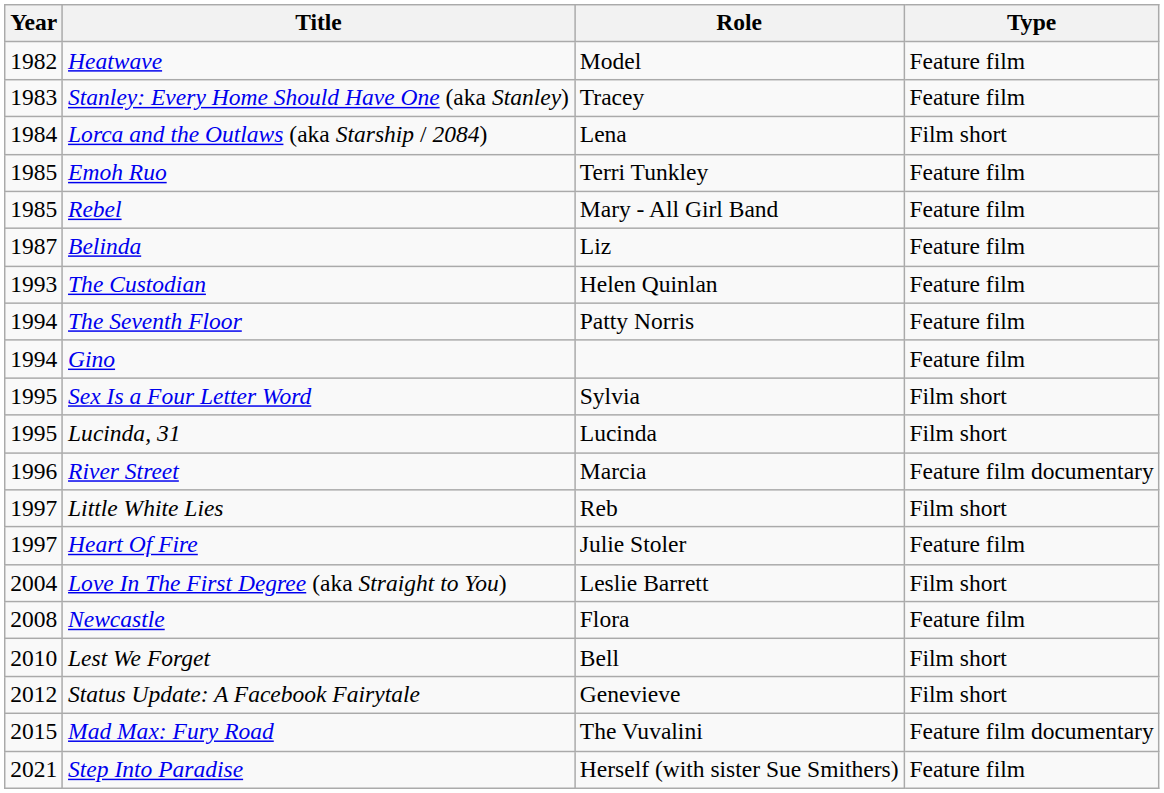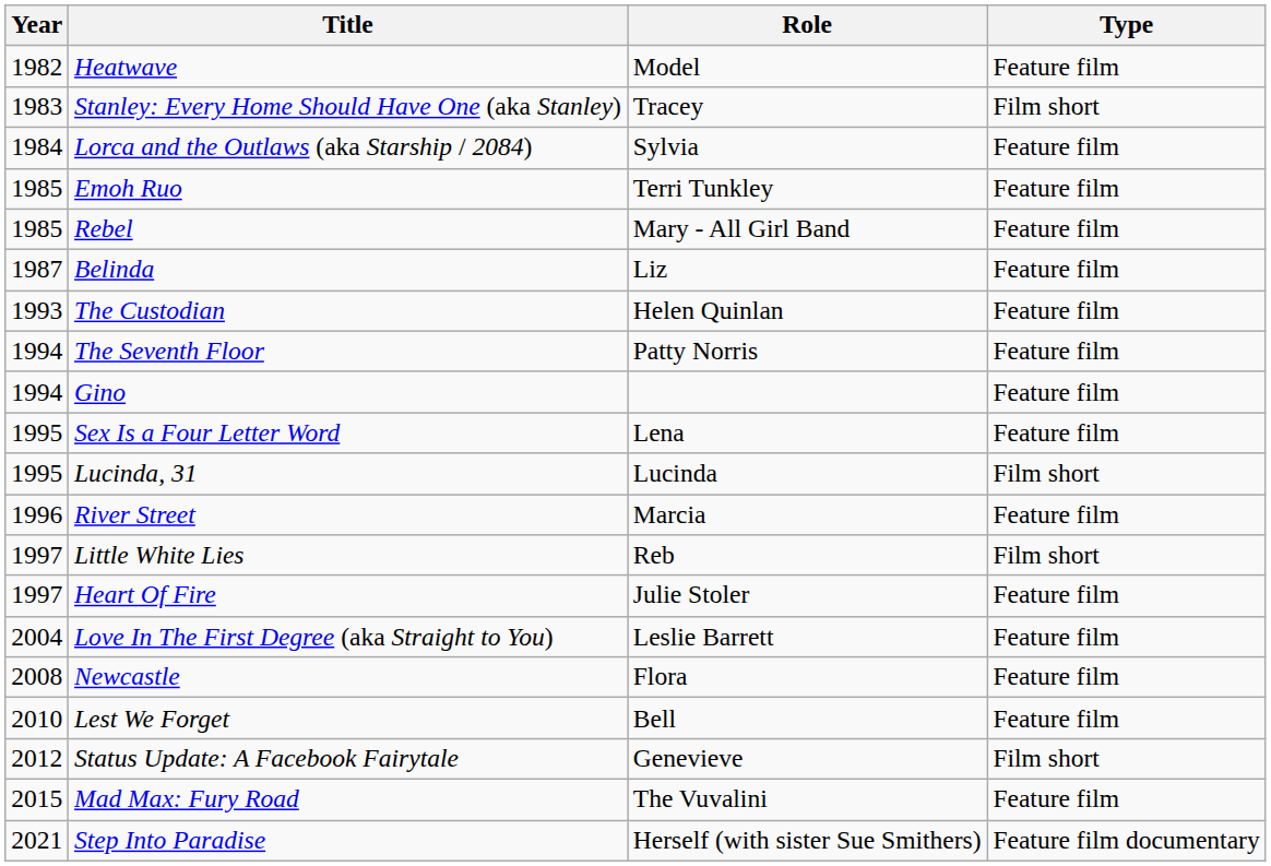 <table class="wikitable">
 <tr>
 <th>Year</th>
 <th>Title</th>
 <th>Role</th>
 <th>Type</th>
 </tr>
 <tr>
 <td>1982</td>
 <td><em><a href='#'>Heatwave</a></em></td>
 <td>Model</td>
 <td>Feature film</td>
 </tr>
 <tr>
 <td>1983</td>
 <td><em><a href='#'>Stanley: Every Home Should Have One</a></em> (aka <em>Stanley</em>)</td>
 <td>Tracey</td>
-<td>Feature film</td>
+<td>Film short</td>
 </tr>
 <tr>
 <td>1984</td>
 <td><em><a href='#'>Lorca and the Outlaws</a></em> (aka <em>Starship</em> / <em>2084</em>)</td>
-<td>Lena</td>
-<td>Film short</td>
+<td>Sylvia</td>
+<td>Feature film</td>
 </tr>
 <tr>
 <td>1985</td>
 <td><em><a href='#'>Emoh Ruo</a></em></td>
 <td>Terri Tunkley</td>
 <td>Feature film</td>
 </tr>
 <tr>
 <td>1985</td>
 <td><em><a href='#'>Rebel</a></em></td>
 <td>Mary - All Girl Band</td>
 <td>Feature film</td>
 </tr>
 <tr>
 <td>1987</td>
 <td><em><a href='#'>Belinda</a></em></td>
 <td>Liz</td>
 <td>Feature film</td>
 </tr>
 <tr>
 <td>1993</td>
 <td><em><a href='#'>The Custodian</a></em></td>
 <td>Helen Quinlan</td>
 <td>Feature film</td>
 </tr>
 <tr>
 <td>1994</td>
 <td><em><a href='#'>The Seventh Floor</a></em></td>
 <td>Patty Norris</td>
 <td>Feature film</td>
 </tr>
 <tr>
 <td>1994</td>
 <td><em><a href='#'>Gino</a></em></td>
 <td></td>
 <td>Feature film</td>
 </tr>
 <tr>
 <td>1995</td>
 <td><em><a href='#'>Sex Is a Four Letter Word</a></em></td>
-<td>Sylvia</td>
-<td>Film short</td>
+<td>Lena</td>
+<td>Feature film</td>
 </tr>
 <tr>
 <td>1995</td>
 <td><em>Lucinda, 31</em></td>
 <td>Lucinda</td>
 <td>Film short</td>
 </tr>
 <tr>
 <td>1996</td>
 <td><em><a href='#'>River Street</a></em></td>
 <td>Marcia</td>
-<td>Feature film documentary</td>
+<td>Feature film</td>
 </tr>
 <tr>
 <td>1997</td>
 <td><em>Little White Lies</em></td>
 <td>Reb</td>
 <td>Film short</td>
 </tr>
 <tr>
 <td>1997</td>
 <td><em><a href='#'>Heart Of Fire</a></em></td>
 <td>Julie Stoler</td>
 <td>Feature film</td>
 </tr>
 <tr>
 <td>2004</td>
 <td><em><a href='#'>Love In The First Degree</a></em> (aka <em>Straight to You</em>)</td>
 <td>Leslie Barrett</td>
-<td>Film short</td>
+<td>Feature film</td>
 </tr>
 <tr>
 <td>2008</td>
 <td><em><a href='#'>Newcastle</a></em></td>
 <td>Flora</td>
 <td>Feature film</td>
 </tr>
 <tr>
 <td>2010</td>
 <td><em>Lest We Forget</em></td>
 <td>Bell</td>
-<td>Film short</td>
+<td>Feature film</td>
 </tr>
 <tr>
 <td>2012</td>
 <td><em>Status Update: A Facebook Fairytale</em></td>
 <td>Genevieve</td>
 <td>Film short</td>
 </tr>
 <tr>
 <td>2015</td>
 <td><em><a href='#'>Mad Max: Fury Road</a></em></td>
 <td>The Vuvalini</td>
-<td>Feature film documentary</td>
+<td>Feature film</td>
 </tr>
 <tr>
 <td>2021</td>
 <td><em><a href='#'>Step Into Paradise</a></em></td>
 <td>Herself (with sister Sue Smithers)</td>
-<td>Feature film</td>
+<td>Feature film documentary</td>
 </tr>
 </table>
